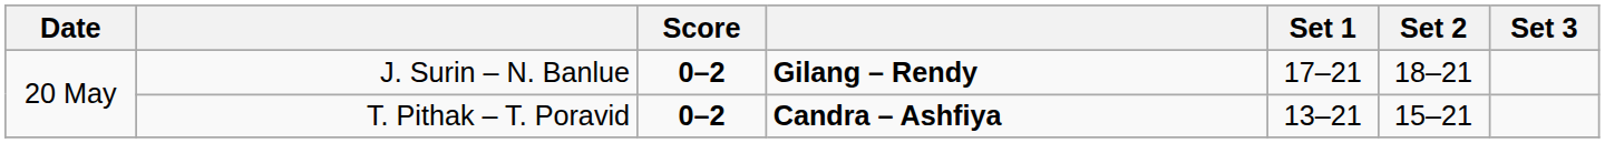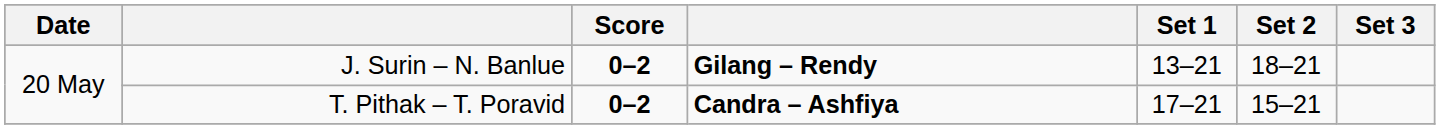 <table class="wikitable" style="text-align: center; font-size:90% ">
 <tr>
 <th width="60">Date</th>
 <th align="right" width="250"></th>
 <th width="60">Score</th>
 <th align="left" width="250"></th>
 <th width="50">Set 1</th>
 <th width="50">Set 2</th>
 <th width="50">Set 3</th>
 </tr>
 <tr>
 <td rowspan=2>20 May</td>
 <td align=right>J. Surin – N. Banlue </td>
 <td align=center><strong>0–2</strong></td>
 <td align=left><strong> Gilang – Rendy</strong></td>
-<td>17–21</td>
+<td>13–21</td>
 <td>18–21</td>
 <td></td>
 </tr>
 <tr>
 <td align=right>T. Pithak – T. Poravid </td>
 <td align=center><strong>0–2</strong></td>
 <td align=left><strong> Candra – Ashfiya</strong></td>
-<td>13–21</td>
+<td>17–21</td>
 <td>15–21</td>
 <td></td>
 </tr>
 </table>
